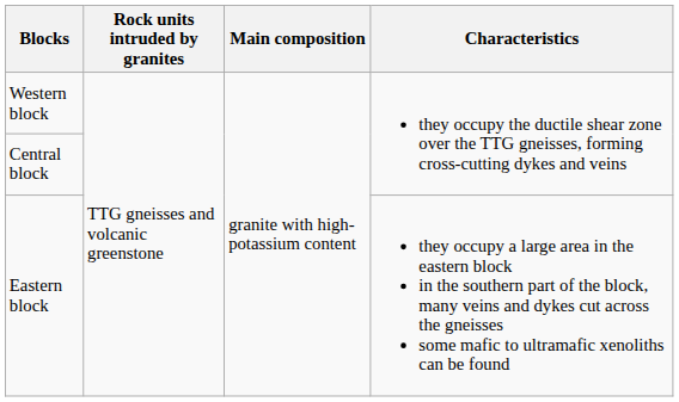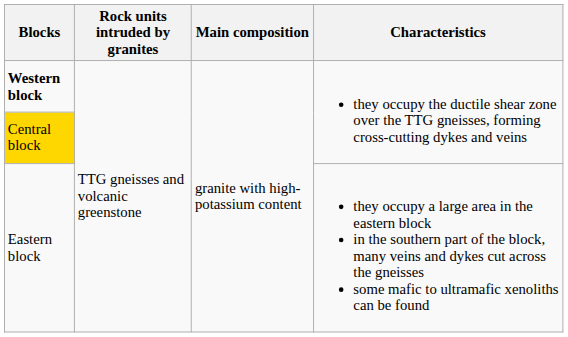 <table class="wikitable">
 <tr>
 <th>Blocks</th>
 <th>Rock units intruded by granites</th>
 <th>Main composition</th>
 <th>Characteristics</th>
 </tr>
 <tr>
-<td>Western block</td>
+<td><strong>Western block</strong></td>
 <td rowspan="3">TTG gneisses and volcanic greenstone</td>
 <td rowspan="3">granite with high-potassium content</td>
 <td rowspan="2"><br><ul><li>they occupy the ductile shear zone over the TTG gneisses, forming cross-cutting dykes and veins</li></ul></td>
 </tr>
 <tr>
-<td>Central block</td>
+<td style="background: gold;">Central block</td>
 </tr>
 <tr>
 <td>Eastern block</td>
 <td><br><ul><li>they occupy a large area in the eastern block</li><li>in the southern part of the block, many veins and dykes cut across the gneisses</li><li>some mafic to ultramafic xenoliths can be found</li></ul></td>
 </tr>
 </table>
